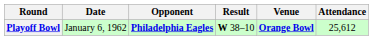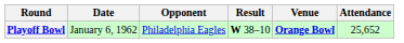 <table class="wikitable" style="text-align:center">
 <tr>
 <th>Round</th>
 <th>Date</th>
 <th>Opponent</th>
 <th>Result</th>
 <th>Venue</th>
 <th>Attendance</th>
 </tr>
 <tr style="background:#cfc">
 <th><a href='#'>Playoff Bowl</a></th>
 <td>January 6, 1962</td>
-<td><strong><a href='#'>Philadelphia Eagles</a></strong></td>
+<td><a href='#'>Philadelphia Eagles</a></td>
 <td><strong>W</strong> 38–10</td>
 <td><strong><a href='#'>Orange Bowl</a></strong></td>
-<td>25,612</td>
+<td>25,652</td>
 </tr>
 </table>
